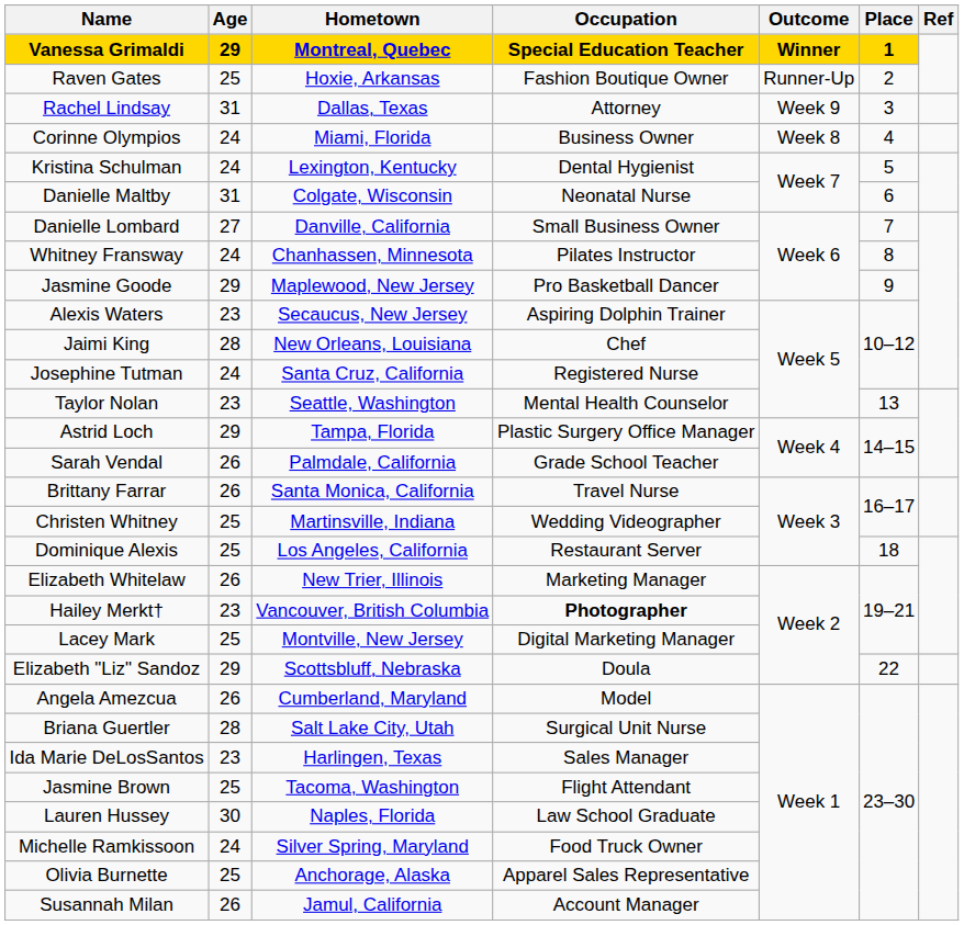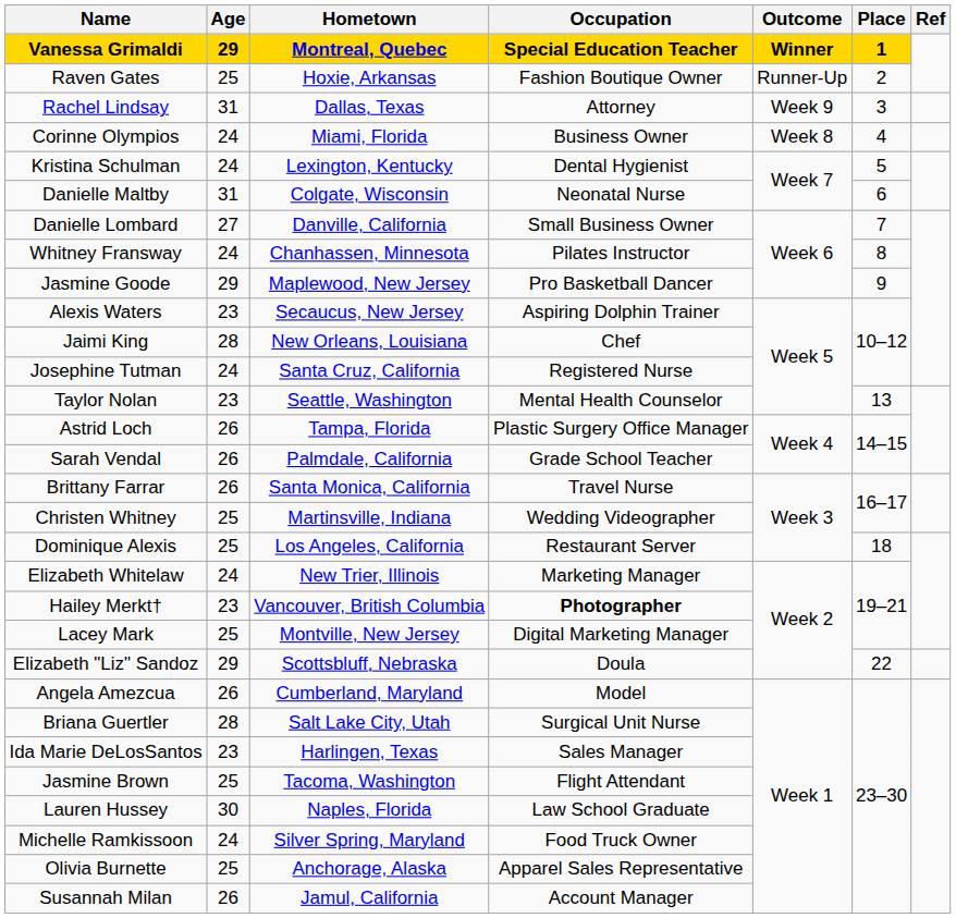 <table class="wikitable sortable" style="text-align:center;">
 <tr>
 <th>Name</th>
 <th>Age</th>
 <th>Hometown</th>
 <th>Occupation</th>
 <th>Outcome</th>
 <th>Place</th>
 <th>Ref</th>
 </tr>
 <tr>
 <td bgcolor="gold"><strong>Vanessa Grimaldi</strong></td>
 <td bgcolor="gold"><strong>29</strong></td>
 <td bgcolor="gold"><strong><a href='#'>Montreal, Quebec</a></strong></td>
 <td bgcolor="gold"><strong>Special Education Teacher</strong></td>
 <td bgcolor="gold"><strong>Winner</strong></td>
 <td bgcolor="gold"><strong>1</strong></td>
 <td rowspan="2"></td>
 </tr>
 <tr>
 <td>Raven Gates</td>
 <td>25</td>
 <td><a href='#'>Hoxie, Arkansas</a></td>
 <td>Fashion Boutique Owner</td>
 <td data-sort-value="Wh">Runner-Up</td>
 <td>2</td>
 </tr>
 <tr>
 <td><a href='#'>Rachel Lindsay</a></td>
 <td>31</td>
 <td><a href='#'>Dallas, Texas</a></td>
 <td>Attorney</td>
 <td>Week 9</td>
 <td>3</td>
 <td></td>
 </tr>
 <tr>
 <td>Corinne Olympios</td>
 <td>24</td>
 <td><a href='#'>Miami, Florida</a></td>
 <td>Business Owner</td>
 <td>Week 8</td>
 <td>4</td>
 <td></td>
 </tr>
 <tr>
 <td>Kristina Schulman</td>
 <td>24</td>
 <td><a href='#'>Lexington, Kentucky</a></td>
 <td>Dental Hygienist</td>
 <td rowspan="2">Week 7</td>
 <td>5</td>
 <td rowspan="2"></td>
 </tr>
 <tr>
 <td>Danielle Maltby</td>
 <td>31</td>
 <td><a href='#'>Colgate, Wisconsin</a></td>
 <td>Neonatal Nurse</td>
 <td>6</td>
 </tr>
 <tr>
 <td>Danielle Lombard</td>
 <td>27</td>
 <td><a href='#'>Danville, California</a></td>
 <td>Small Business Owner</td>
 <td rowspan="3">Week 6</td>
 <td>7</td>
 <td rowspan="6"></td>
 </tr>
 <tr>
 <td>Whitney Fransway</td>
 <td>24</td>
 <td><a href='#'>Chanhassen, Minnesota</a></td>
 <td>Pilates Instructor</td>
 <td>8</td>
 </tr>
 <tr>
 <td>Jasmine Goode</td>
 <td>29</td>
 <td><a href='#'>Maplewood, New Jersey</a></td>
 <td>Pro Basketball Dancer</td>
 <td>9</td>
 </tr>
 <tr>
 <td>Alexis Waters</td>
 <td>23</td>
 <td><a href='#'>Secaucus, New Jersey</a></td>
 <td>Aspiring Dolphin Trainer</td>
 <td rowspan="4">Week 5</td>
 <td rowspan="3">10–12</td>
 </tr>
 <tr>
 <td>Jaimi King</td>
 <td>28</td>
 <td><a href='#'>New Orleans, Louisiana</a></td>
 <td>Chef</td>
 </tr>
 <tr>
 <td>Josephine Tutman</td>
 <td>24</td>
 <td><a href='#'>Santa Cruz, California</a></td>
 <td>Registered Nurse</td>
 </tr>
 <tr>
 <td>Taylor Nolan</td>
 <td>23</td>
 <td><a href='#'>Seattle, Washington</a></td>
 <td>Mental Health Counselor</td>
 <td>13</td>
 <td rowspan="3"></td>
 </tr>
 <tr>
 <td>Astrid Loch</td>
-<td>29</td>
+<td>26</td>
 <td><a href='#'>Tampa, Florida</a></td>
 <td>Plastic Surgery Office Manager</td>
 <td rowspan="2">Week 4</td>
 <td rowspan="2">14–15</td>
 </tr>
 <tr>
 <td>Sarah Vendal</td>
 <td>26</td>
 <td><a href='#'>Palmdale, California</a></td>
 <td>Grade School Teacher</td>
 </tr>
 <tr>
 <td>Brittany Farrar</td>
 <td>26</td>
 <td><a href='#'>Santa Monica, California</a></td>
 <td>Travel Nurse</td>
 <td rowspan="3">Week 3</td>
 <td rowspan="2">16–17</td>
 <td rowspan="2"></td>
 </tr>
 <tr>
 <td>Christen Whitney</td>
 <td>25</td>
 <td><a href='#'>Martinsville, Indiana</a></td>
 <td>Wedding Videographer</td>
 </tr>
 <tr>
 <td>Dominique Alexis</td>
 <td>25</td>
 <td><a href='#'>Los Angeles, California</a></td>
 <td>Restaurant Server</td>
 <td>18</td>
 <td rowspan="4"></td>
 </tr>
 <tr>
 <td>Elizabeth Whitelaw</td>
-<td>26</td>
+<td>24</td>
 <td><a href='#'>New Trier, Illinois</a></td>
 <td>Marketing Manager</td>
 <td rowspan="4">Week 2</td>
 <td rowspan="3">19–21</td>
 </tr>
 <tr>
 <td>Hailey Merkt†</td>
 <td>23</td>
 <td><a href='#'>Vancouver, British Columbia</a></td>
 <td><strong>Photographer</strong></td>
 </tr>
 <tr>
 <td>Lacey Mark</td>
 <td>25</td>
 <td><a href='#'>Montville, New Jersey</a></td>
 <td>Digital Marketing Manager</td>
 </tr>
 <tr>
 <td>Elizabeth "Liz" Sandoz</td>
 <td>29</td>
 <td><a href='#'>Scottsbluff, Nebraska</a></td>
 <td>Doula</td>
 <td>22</td>
 <td></td>
 </tr>
 <tr>
 <td>Angela Amezcua</td>
 <td>26</td>
 <td><a href='#'>Cumberland, Maryland</a></td>
 <td>Model</td>
 <td rowspan="8">Week 1</td>
 <td rowspan="8">23–30</td>
 <td rowspan="8" align="center"></td>
 </tr>
 <tr>
 <td>Briana Guertler</td>
 <td>28</td>
 <td><a href='#'>Salt Lake City, Utah</a></td>
 <td>Surgical Unit Nurse</td>
 </tr>
 <tr>
 <td>Ida Marie DeLosSantos</td>
 <td>23</td>
 <td><a href='#'>Harlingen, Texas</a></td>
 <td>Sales Manager</td>
 </tr>
 <tr>
 <td>Jasmine Brown</td>
 <td>25</td>
 <td><a href='#'>Tacoma, Washington</a></td>
 <td>Flight Attendant</td>
 </tr>
 <tr>
 <td>Lauren Hussey</td>
 <td>30</td>
 <td><a href='#'>Naples, Florida</a></td>
 <td>Law School Graduate</td>
 </tr>
 <tr>
 <td>Michelle Ramkissoon</td>
 <td>24</td>
 <td><a href='#'>Silver Spring, Maryland</a></td>
 <td>Food Truck Owner</td>
 </tr>
 <tr>
 <td>Olivia Burnette</td>
 <td>25</td>
 <td><a href='#'>Anchorage, Alaska</a></td>
 <td>Apparel Sales Representative</td>
 </tr>
 <tr>
 <td>Susannah Milan</td>
 <td>26</td>
 <td><a href='#'>Jamul, California</a></td>
 <td>Account Manager</td>
 </tr>
 <tr>
 </tr>
 </table>
